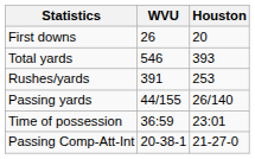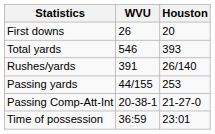 <table class="wikitable" style="float: left;">
 <tr>
 <th>Statistics</th>
 <th>WVU</th>
 <th>Houston</th>
 </tr>
 <tr>
 <td>First downs</td>
 <td>26</td>
 <td>20</td>
 </tr>
 <tr>
 <td>Total yards</td>
 <td>546</td>
 <td>393</td>
 </tr>
 <tr>
 <td>Rushes/yards</td>
 <td>391</td>
-<td>253</td>
+<td>26/140</td>
 </tr>
 <tr>
 <td>Passing yards</td>
 <td>44/155</td>
-<td>26/140</td>
+<td>253</td>
+</tr>
+<tr>
+<td>Passing Comp-Att-Int</td>
+<td>20-38-1</td>
+<td>21-27-0</td>
 </tr>
 <tr>
 <td>Time of possession</td>
 <td>36:59</td>
 <td>23:01</td>
 </tr>
-<tr>
-<td>Passing Comp-Att-Int</td>
-<td>20-38-1</td>
-<td>21-27-0</td>
-</tr>
 </table>
